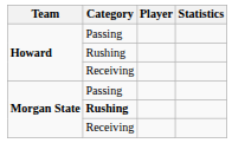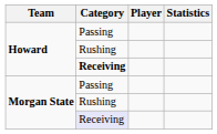 <table class="wikitable" style="float: right;">
 <tr>
 <th>Team</th>
 <th>Category</th>
 <th>Player</th>
 <th>Statistics</th>
 </tr>
 <tr>
 <td rowspan=3><strong>Howard</strong></td>
 <td>Passing</td>
 <td></td>
 <td></td>
 </tr>
 <tr>
 <td>Rushing</td>
 <td></td>
 <td></td>
 </tr>
 <tr>
-<td>Receiving</td>
+<td><strong>Receiving</strong></td>
 <td></td>
 <td></td>
 </tr>
 <tr>
 <td rowspan=3><strong>Morgan State</strong></td>
 <td>Passing</td>
 <td></td>
 <td></td>
 </tr>
 <tr>
-<td><strong>Rushing</strong></td>
+<td>Rushing</td>
 <td></td>
 <td></td>
 </tr>
 <tr>
-<td>Receiving</td>
+<td style="background: lavender;">Receiving</td>
 <td></td>
 <td></td>
 </tr>
 </table>
